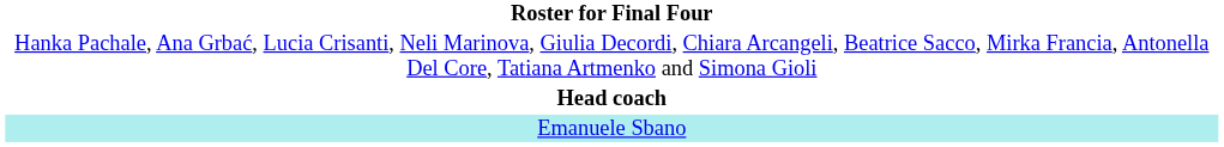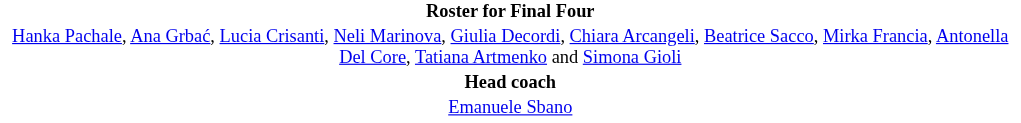 <table style="text-align: center; margin-top: 2em; margin-left: auto; margin-right: auto">
 <tr>
 <td><strong>Roster for Final Four</strong></td>
 </tr>
 <tr>
 <td><a href='#'>Hanka Pachale</a>, <a href='#'>Ana Grbać</a>, <a href='#'>Lucia Crisanti</a>, <a href='#'>Neli Marinova</a>, <a href='#'>Giulia Decordi</a>, <a href='#'>Chiara Arcangeli</a>, <a href='#'>Beatrice Sacco</a>, <a href='#'>Mirka Francia</a>, <a href='#'>Antonella Del Core</a>, <a href='#'>Tatiana Artmenko</a> and <a href='#'>Simona Gioli</a></td>
 </tr>
 <tr>
 <td><strong>Head coach</strong></td>
 </tr>
 <tr>
-<td style="background: paleturquoise;"><a href='#'>Emanuele Sbano</a></td>
+<td><a href='#'>Emanuele Sbano</a></td>
 </tr>
 </table>
